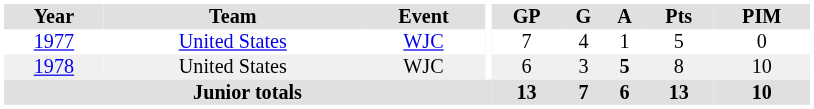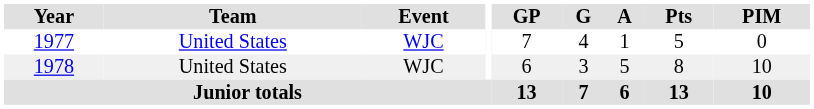 <table border="0" cellpadding="1" cellspacing="0" ID="Table3" style="text-align:center; width:40em">
 <tr bgcolor="#e0e0e0">
 <th>Year</th>
 <th>Team</th>
 <th>Event</th>
 <th rowspan="102" bgcolor="#ffffff"></th>
 <th>GP</th>
 <th>G</th>
 <th>A</th>
 <th>Pts</th>
 <th>PIM</th>
 </tr>
 <tr>
 <td><a href='#'>1977</a></td>
 <td><a href='#'>United States</a></td>
 <td><a href='#'>WJC</a></td>
 <td>7</td>
 <td>4</td>
 <td>1</td>
 <td>5</td>
 <td>0</td>
 </tr>
 <tr bgcolor="#f0f0f0">
 <td><a href='#'>1978</a></td>
 <td>United States</td>
 <td>WJC</td>
 <td>6</td>
 <td>3</td>
-<td><strong>5</strong></td>
+<td>5</td>
 <td>8</td>
 <td>10</td>
 </tr>
 <tr bgcolor="#e0e0e0">
 <th colspan="4">Junior totals</th>
 <th>13</th>
 <th>7</th>
 <th>6</th>
 <th>13</th>
 <th>10</th>
 </tr>
 </table>
